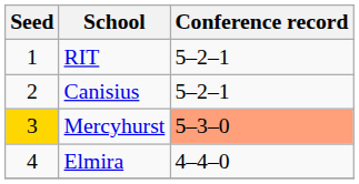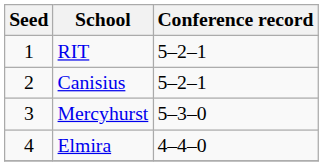 <table class="wikitable">
 <tr>
 <th>Seed</th>
 <th>School</th>
 <th>Conference record</th>
 </tr>
 <tr>
 <td align=center>1</td>
 <td><a href='#'>RIT</a></td>
 <td>5–2–1</td>
 </tr>
 <tr>
 <td align=center>2</td>
 <td><a href='#'>Canisius</a></td>
 <td>5–2–1</td>
 </tr>
 <tr>
-<td align=center style="background: gold;">3</td>
+<td align=center>3</td>
 <td><a href='#'>Mercyhurst</a></td>
-<td style="background: lightsalmon;">5–3–0</td>
+<td>5–3–0</td>
 </tr>
 <tr>
 <td align=center>4</td>
 <td><a href='#'>Elmira</a></td>
 <td>4–4–0</td>
 </tr>
 <tr>
 </tr>
 </table>
